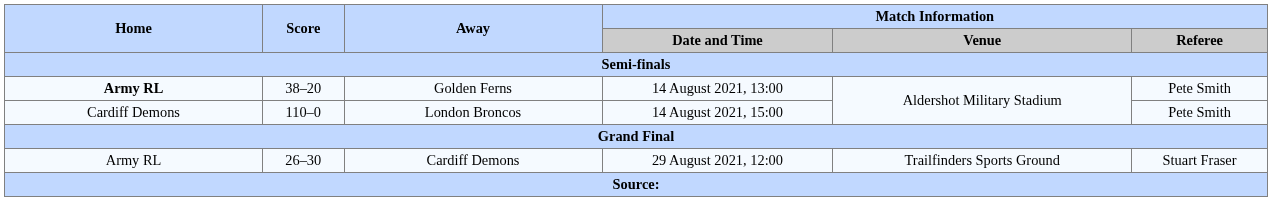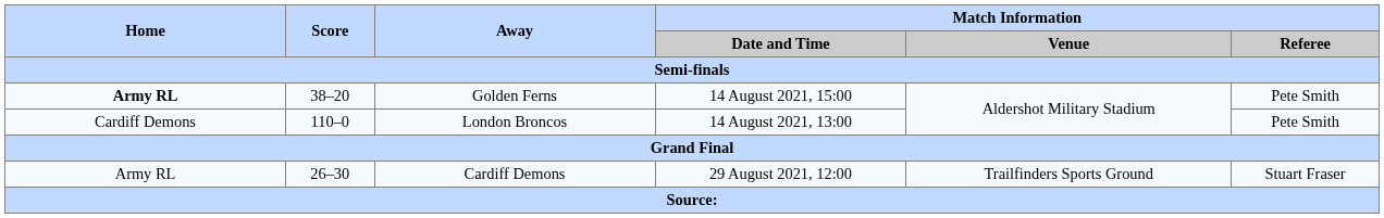 <table border=1 style="border-collapse:collapse; font-size:90%; text-align:center;" cellpadding=3 cellspacing=0 width=100%>
 <tr style="background:#C1D8ff;">
 <th scope="col" rowspan=2 width=19%>Home</th>
 <th scope="col" rowspan=2 width=6%>Score</th>
 <th scope="col" rowspan=2 width=19%>Away</th>
 <th colspan=3>Match Information</th>
 </tr>
 <tr style="background:#CCCCCC;">
 <th scope="col" width=17%>Date and Time</th>
 <th scope="col" width=22%>Venue</th>
 <th scope="col" width=10%>Referee</th>
 </tr>
 <tr style="background:#C1D8ff;">
 <td colspan=7><strong>Semi-finals</strong></td>
 </tr>
 <tr style="background:#f5faff;">
 <td><strong>Army RL</strong></td>
 <td>38–20</td>
 <td>Golden Ferns</td>
-<td>14 August 2021, 13:00</td>
+<td>14 August 2021, 15:00</td>
 <td rowspan=2>Aldershot Military Stadium</td>
 <td>Pete Smith</td>
 </tr>
 <tr style="background:#f5faff;">
 <td>Cardiff Demons</td>
 <td>110–0</td>
 <td>London Broncos</td>
-<td>14 August 2021, 15:00</td>
+<td>14 August 2021, 13:00</td>
 <td>Pete Smith</td>
 </tr>
 <tr style="background:#c1d8ff;">
 <td colspan=7><strong>Grand Final</strong></td>
 </tr>
 <tr style="background:#f5faff;">
 <td>Army RL</td>
 <td>26–30</td>
 <td>Cardiff Demons</td>
 <td>29 August 2021, 12:00</td>
 <td>Trailfinders Sports Ground</td>
 <td>Stuart Fraser</td>
 </tr>
 <tr style="background:#c1d8ff;">
 <th colspan=7>Source:</th>
 </tr>
 </table>
